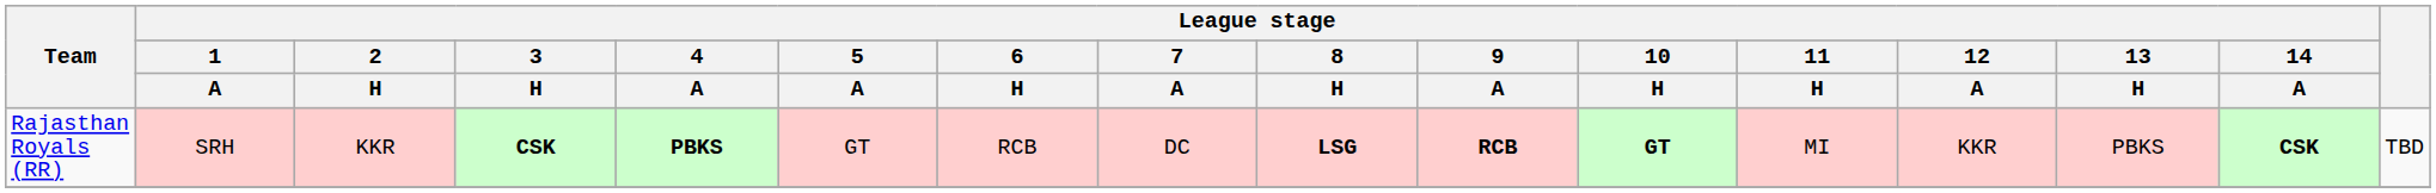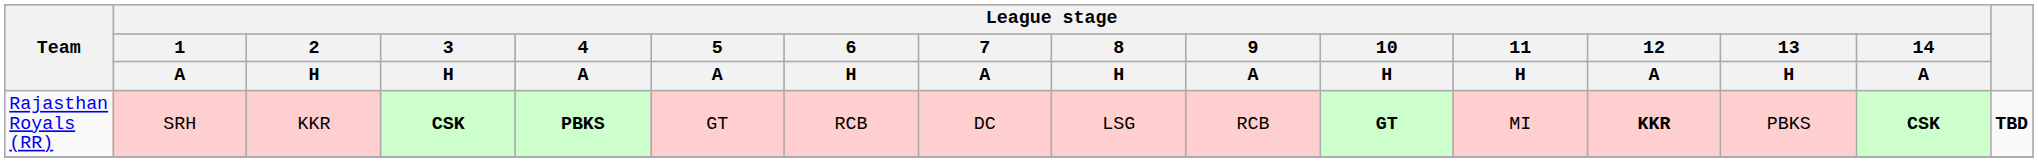 <table class="wikitable plainrowheaders" style="font-size:87%; text-align:center;">
 <tr>
 <th rowspan="3">Team</th>
 <th colspan="14">League stage</th>
 <th rowspan="3"></th>
 </tr>
 <tr>
 <th style="width: 7%;">1</th>
 <th style="width: 7%;">2</th>
 <th style="width: 7%;">3</th>
 <th style="width: 7%;">4</th>
 <th style="width: 7%;">5</th>
 <th style="width: 7%;">6</th>
 <th style="width: 7%;">7</th>
 <th style="width: 7%;">8</th>
 <th style="width: 7%;">9</th>
 <th style="width: 7%;">10</th>
 <th style="width: 7%;">11</th>
 <th style="width: 7%;">12</th>
 <th style="width: 7%;">13</th>
 <th style="width: 7%;">14</th>
 </tr>
 <tr>
 <th>A</th>
 <th>H</th>
 <th>H</th>
 <th>A</th>
 <th>A</th>
 <th>H</th>
 <th>A</th>
 <th>H</th>
 <th>A</th>
 <th>H</th>
 <th>H</th>
 <th>A</th>
 <th>H</th>
 <th>A</th>
 </tr>
 <tr>
 <td align="left"><a href='#'> Rajasthan Royals (RR)</a></td>
 <td style="background-color:#FFCFCF;">SRH<br></td>
 <td style="background-color:#FFCFCF;">KKR<br></td>
 <td style="background-color:#cfc;"><strong>CSK<br></strong></td>
 <td style="background-color:#cfc;"><strong>PBKS<br></strong></td>
 <td style="background-color:#FFCFCF;">GT<br></td>
 <td style="background-color:#FFCFCF;">RCB<br></td>
 <td style="background-color:#FFCFCF;">DC<br></td>
-<td style="background-color:#FFCFCF;"><strong>LSG<br></strong></td>
-<td style="background-color:#FFCFCF;"><strong>RCB<br></strong></td>
+<td style="background-color:#FFCFCF;">LSG<br></td>
+<td style="background-color:#FFCFCF;">RCB<br></td>
 <td style="background-color:#cfc;"><strong>GT<br></strong></td>
 <td style="background-color:#FFCFCF;">MI<br></td>
-<td style="background-color:#FFCFCF;">KKR<br></td>
+<td style="background-color:#FFCFCF;"><strong>KKR<br></strong></td>
 <td style="background-color:#FFCFCF;">PBKS<br></td>
 <td style="background-color:#cfc;"><strong>CSK<br></strong></td>
-<td>TBD</td>
+<td><strong>TBD</strong></td>
 </tr>
 <tr>
 </tr>
 </table>
